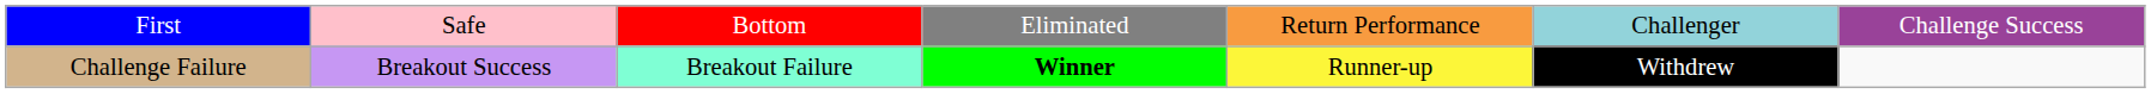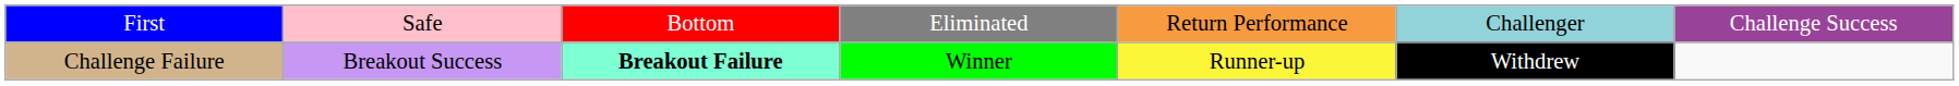 <table class="wikitable" style="text-align:center; font-size: 90%;">
 <tr>
 <td style="background:blue; color: white; width:7%">First</td>
 <td style="background:pink; width:7%">Safe</td>
 <td style="background:red; color:white; width:7%">Bottom</td>
 <td style="background:grey; color:white; width:7%">Eliminated</td>
 <td style="background:#F89B40; width:7%">Return Performance</td>
 <td style="background:#92D3DA; width:7%">Challenger</td>
 <td style="background:#994299; color:white; width:7%">Challenge Success</td>
 </tr>
 <tr>
 <td style="background:tan; width:7%">Challenge Failure</td>
 <td style="background:#C697F3; width:7%">Breakout Success</td>
-<td style="background:#7FFFD4; width:7%">Breakout Failure</td>
-<td style="background:lime; width:7%"><strong>Winner</strong></td>
+<td style="background:#7FFFD4; width:7%"><strong>Breakout Failure</strong></td>
+<td style="background:lime; width:7%">Winner</td>
 <td style="background:#FCF639; width:7%; color: black;">Runner-up</td>
 <td style="background:black; color:white; width:7%">Withdrew</td>
 </tr>
 </table>
